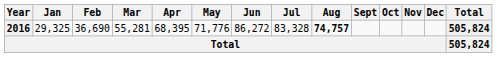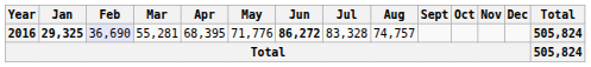 <table class=wikitable style="text-align:right">
 <tr>
 <th>Year</th>
 <th>Jan</th>
 <th>Feb</th>
 <th>Mar</th>
 <th>Apr</th>
 <th>May</th>
 <th>Jun</th>
 <th>Jul</th>
 <th>Aug</th>
 <th>Sept</th>
 <th>Oct</th>
 <th>Nov</th>
 <th>Dec</th>
 <th>Total</th>
 </tr>
 <tr>
 <th>2016</th>
-<td>29,325</td>
-<td>36,690</td>
+<td><strong>29,325</strong></td>
+<td style="background: lavender;">36,690</td>
 <td>55,281</td>
 <td>68,395</td>
 <td>71,776</td>
-<td>86,272</td>
+<td><strong>86,272</strong></td>
 <td>83,328</td>
-<td><strong>74,757</strong></td>
+<td>74,757</td>
 <td></td>
 <td></td>
 <td></td>
 <td></td>
 <th>505,824</th>
 </tr>
 <tr>
 <th colspan=13>Total</th>
 <th>505,824</th>
 </tr>
 </table>
